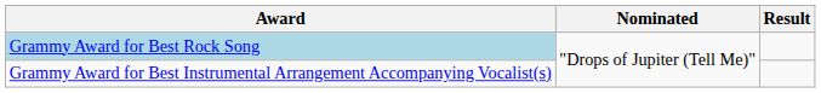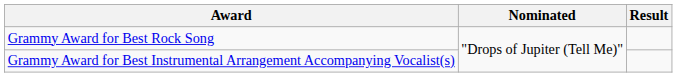 <table class="wikitable">
 <tr>
 <th scope="col">Award</th>
 <th scope="col">Nominated</th>
 <th scope="col">Result</th>
 </tr>
 <tr>
-<td style="background: lightblue;"><a href='#'>Grammy Award for Best Rock Song</a></td>
+<td><a href='#'>Grammy Award for Best Rock Song</a></td>
 <td rowspan="2">"Drops of Jupiter (Tell Me)"</td>
 <td></td>
 </tr>
 <tr>
 <td><a href='#'>Grammy Award for Best Instrumental Arrangement Accompanying Vocalist(s)</a></td>
 <td></td>
 </tr>
 </table>
